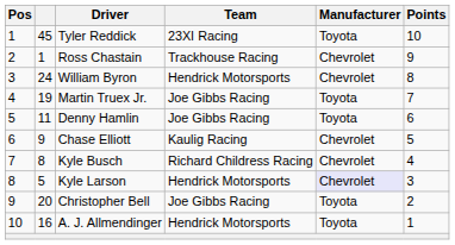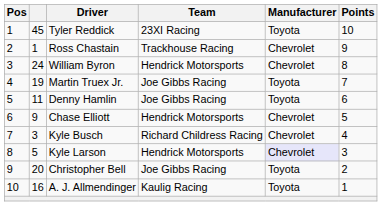 <table class="wikitable" style="font-size:98%">
 <tr>
 <th>Pos</th>
 <th></th>
 <th>Driver</th>
 <th>Team</th>
 <th>Manufacturer</th>
 <th>Points</th>
 </tr>
 <tr>
 <td>1</td>
 <td>45</td>
 <td>Tyler Reddick</td>
 <td>23XI Racing</td>
 <td>Toyota</td>
 <td>10</td>
 </tr>
 <tr>
 <td>2</td>
 <td>1</td>
 <td>Ross Chastain</td>
 <td>Trackhouse Racing</td>
 <td>Chevrolet</td>
 <td>9</td>
 </tr>
 <tr>
 <td>3</td>
 <td>24</td>
 <td>William Byron</td>
 <td>Hendrick Motorsports</td>
 <td>Chevrolet</td>
 <td>8</td>
 </tr>
 <tr>
 <td>4</td>
 <td>19</td>
 <td>Martin Truex Jr.</td>
 <td>Joe Gibbs Racing</td>
 <td>Toyota</td>
 <td>7</td>
 </tr>
 <tr>
 <td>5</td>
 <td>11</td>
 <td>Denny Hamlin</td>
 <td>Joe Gibbs Racing</td>
 <td>Toyota</td>
 <td>6</td>
 </tr>
 <tr>
 <td>6</td>
 <td>9</td>
 <td>Chase Elliott</td>
-<td>Kaulig Racing</td>
+<td>Hendrick Motorsports</td>
 <td>Chevrolet</td>
 <td>5</td>
 </tr>
 <tr>
 <td>7</td>
-<td>8</td>
+<td>3</td>
 <td>Kyle Busch</td>
 <td>Richard Childress Racing</td>
 <td>Chevrolet</td>
 <td>4</td>
 </tr>
 <tr>
 <td>8</td>
 <td>5</td>
 <td>Kyle Larson</td>
 <td>Hendrick Motorsports</td>
 <td style="background: lavender;">Chevrolet</td>
 <td>3</td>
 </tr>
 <tr>
 <td>9</td>
 <td>20</td>
 <td>Christopher Bell</td>
 <td>Joe Gibbs Racing</td>
 <td>Toyota</td>
 <td>2</td>
 </tr>
 <tr>
 <td>10</td>
 <td>16</td>
 <td>A. J. Allmendinger</td>
-<td>Hendrick Motorsports</td>
+<td>Kaulig Racing</td>
 <td>Toyota</td>
 <td>1</td>
 </tr>
 <tr>
 <th colspan="6"></th>
 </tr>
 </table>
